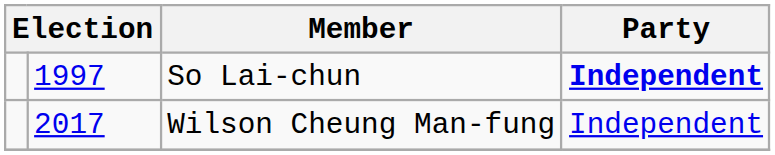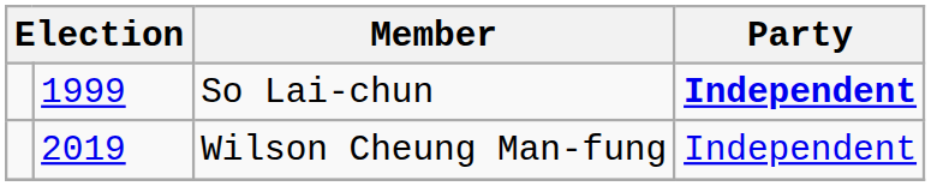 <table class="wikitable">
 <tr>
 <th colspan="2">Election</th>
 <th>Member</th>
 <th>Party</th>
 </tr>
 <tr>
 <td style="background-color:"></td>
-<td><a href='#'>1997</a></td>
+<td><a href='#'>1999</a></td>
 <td>So Lai-chun</td>
 <td><strong><a href='#'>Independent</a></strong></td>
 </tr>
 <tr>
 <td style="background-color:"></td>
-<td><a href='#'>2017</a></td>
+<td><a href='#'>2019</a></td>
 <td>Wilson Cheung Man-fung</td>
 <td><a href='#'>Independent</a></td>
 </tr>
 <tr>
 </tr>
 </table>
